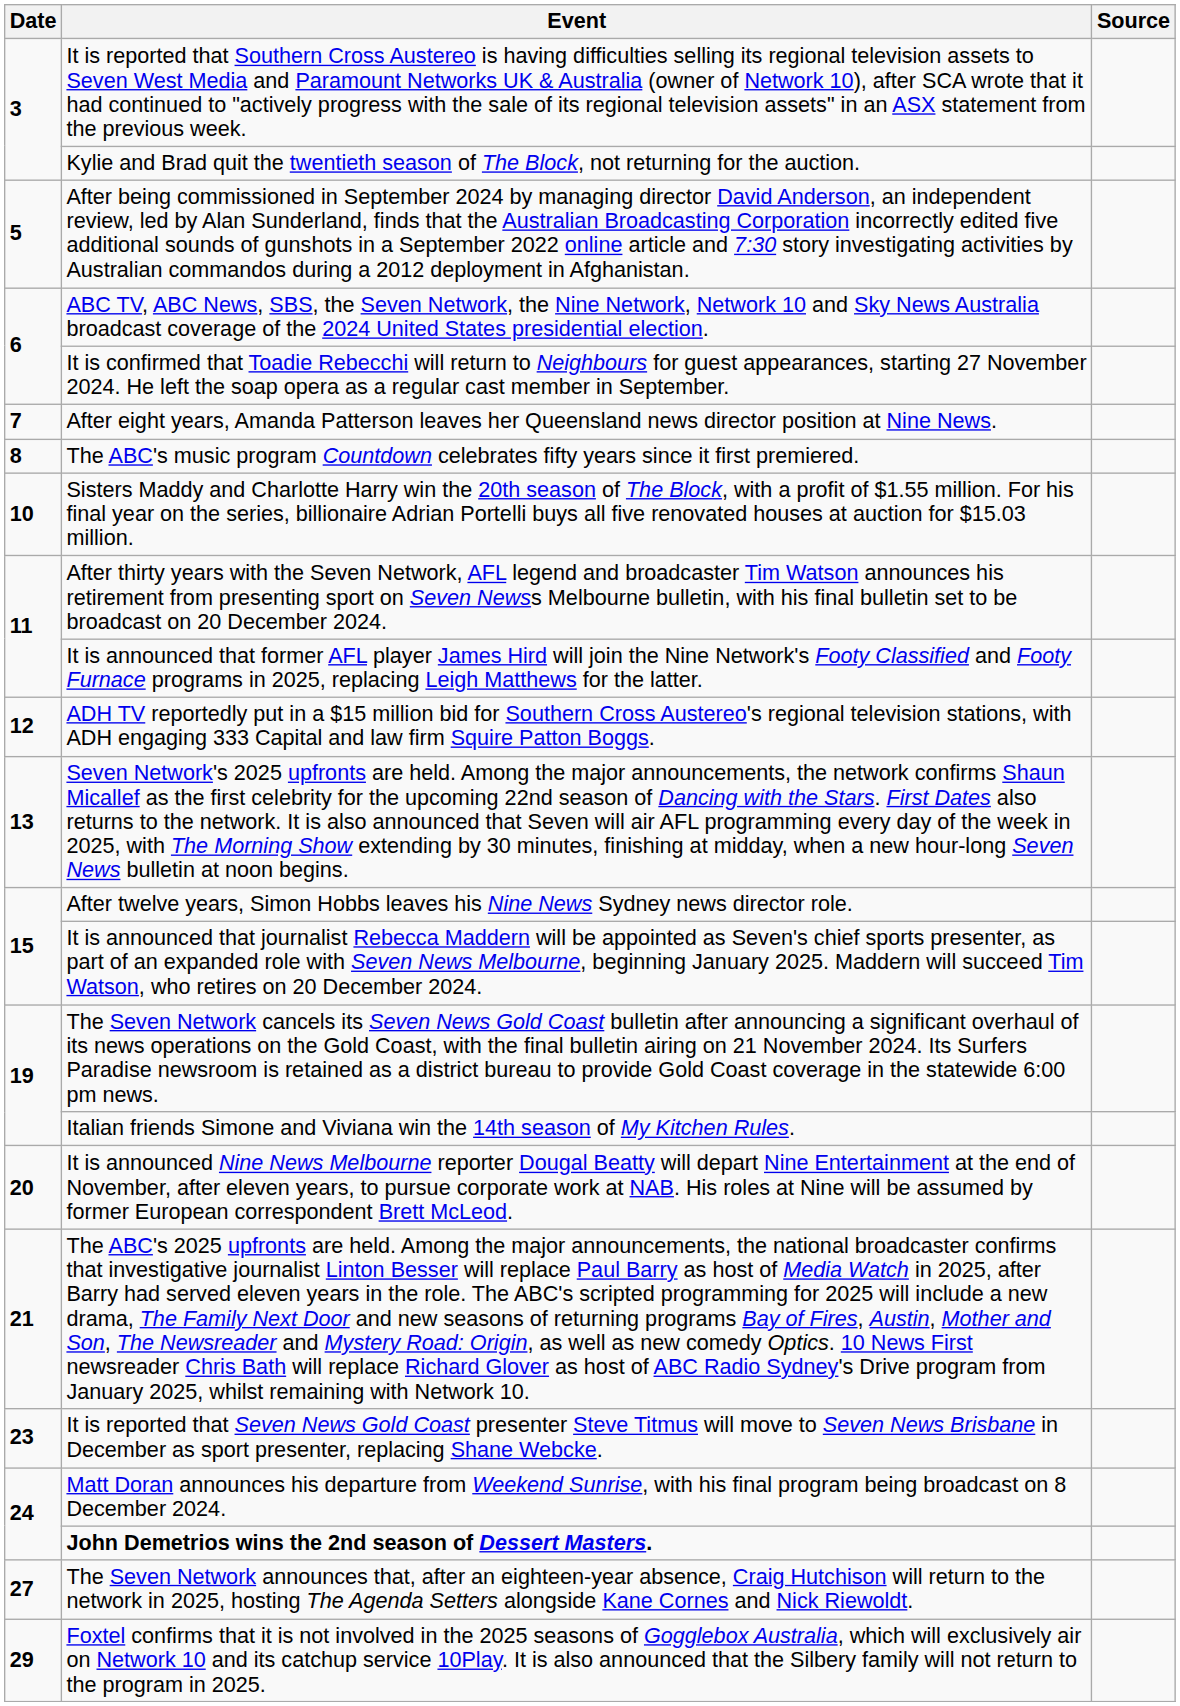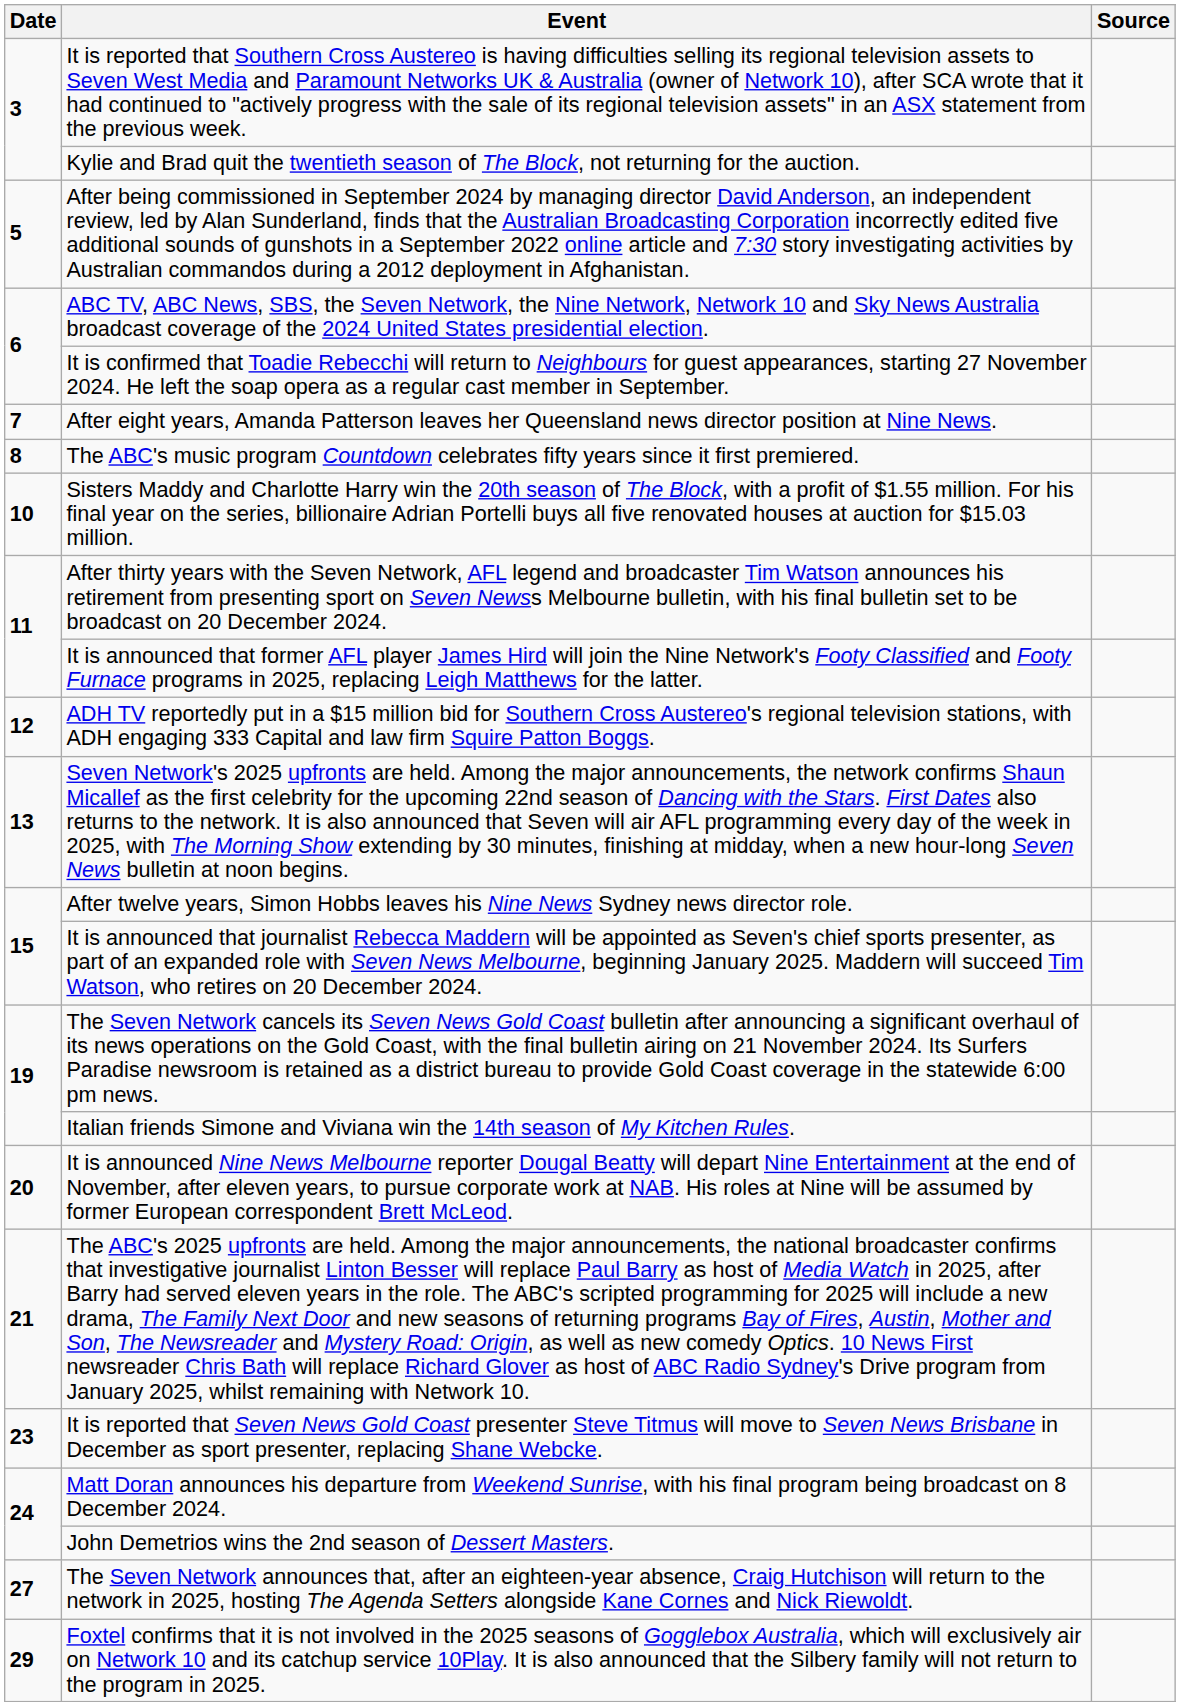 <table class="wikitable">
 <tr>
 <th>Date</th>
 <th>Event</th>
 <th>Source</th>
 </tr>
 <tr>
 <td rowspan=2><strong>3</strong></td>
 <td>It is reported that <a href='#'>Southern Cross Austereo</a> is having difficulties selling its regional television assets to <a href='#'>Seven West Media</a> and <a href='#'>Paramount Networks UK & Australia</a> (owner of <a href='#'>Network 10</a>), after SCA wrote that it had continued to "actively progress with the sale of its regional television assets" in an <a href='#'>ASX</a> statement from the previous week.</td>
 <td></td>
 </tr>
 <tr>
 <td>Kylie and Brad quit the <a href='#'>twentieth season</a> of <em><a href='#'>The Block</a></em>, not returning for the auction.</td>
 <td></td>
 </tr>
 <tr>
 <td><strong>5</strong></td>
 <td>After being commissioned in September 2024 by managing director <a href='#'>David Anderson</a>, an independent review, led by Alan Sunderland, finds that the <a href='#'>Australian Broadcasting Corporation</a> incorrectly edited five additional sounds of gunshots in a September 2022 <a href='#'>online</a> article and <em><a href='#'>7:30</a></em> story investigating activities by Australian commandos during a 2012 deployment in Afghanistan.</td>
 <td></td>
 </tr>
 <tr>
 <td rowspan=2><strong>6</strong></td>
 <td><a href='#'>ABC TV</a>, <a href='#'>ABC News</a>, <a href='#'>SBS</a>, the <a href='#'>Seven Network</a>, the <a href='#'>Nine Network</a>, <a href='#'>Network 10</a> and <a href='#'>Sky News Australia</a> broadcast coverage of the <a href='#'>2024 United States presidential election</a>.</td>
 <td></td>
 </tr>
 <tr>
 <td>It is confirmed that <a href='#'>Toadie Rebecchi</a> will return to <em><a href='#'>Neighbours</a></em> for guest appearances, starting 27 November 2024. He left the soap opera as a regular cast member in September.</td>
 <td></td>
 </tr>
 <tr>
 <td><strong>7</strong></td>
 <td>After eight years, Amanda Patterson leaves her Queensland news director position at <a href='#'>Nine News</a>.</td>
 <td></td>
 </tr>
 <tr>
 <td><strong>8</strong></td>
 <td>The <a href='#'>ABC</a>'s music program <em><a href='#'>Countdown</a></em> celebrates fifty years since it first premiered.</td>
 <td></td>
 </tr>
 <tr>
 <td><strong>10</strong></td>
 <td>Sisters Maddy and Charlotte Harry win the <a href='#'>20th season</a> of <em><a href='#'>The Block</a></em>, with a profit of $1.55 million. For his final year on the series, billionaire Adrian Portelli buys all five renovated houses at auction for $15.03 million.</td>
 <td></td>
 </tr>
 <tr>
 <td rowspan=2><strong>11</strong></td>
 <td>After thirty years with the Seven Network, <a href='#'>AFL</a> legend and broadcaster <a href='#'>Tim Watson</a> announces his retirement from presenting sport on <em><a href='#'>Seven News</a></em>s Melbourne bulletin, with his final bulletin set to be broadcast on 20 December 2024.</td>
 <td></td>
 </tr>
 <tr>
 <td>It is announced that former <a href='#'>AFL</a> player <a href='#'>James Hird</a> will join the Nine Network's <em><a href='#'>Footy Classified</a></em> and <em><a href='#'>Footy Furnace</a></em> programs in 2025, replacing <a href='#'>Leigh Matthews</a> for the latter.</td>
 <td></td>
 </tr>
 <tr>
 <td><strong>12</strong></td>
 <td><a href='#'>ADH TV</a> reportedly put in a $15 million bid for <a href='#'>Southern Cross Austereo</a>'s regional television stations, with ADH engaging 333 Capital and law firm <a href='#'>Squire Patton Boggs</a>.</td>
 <td></td>
 </tr>
 <tr>
 <td><strong>13</strong></td>
 <td><a href='#'>Seven Network</a>'s 2025 <a href='#'>upfronts</a> are held. Among the major announcements, the network confirms <a href='#'>Shaun Micallef</a> as the first celebrity for the upcoming 22nd season of <em><a href='#'>Dancing with the Stars</a></em>. <em><a href='#'>First Dates</a></em> also returns to the network. It is also announced that Seven will air AFL programming every day of the week in 2025, with <em><a href='#'>The Morning Show</a></em> extending by 30 minutes, finishing at midday, when a new hour-long <em><a href='#'>Seven News</a></em> bulletin at noon begins.</td>
 <td></td>
 </tr>
 <tr>
 <td rowspan=2><strong>15</strong></td>
 <td>After twelve years, Simon Hobbs leaves his <em><a href='#'>Nine News</a></em> Sydney news director role.</td>
 <td></td>
 </tr>
 <tr>
 <td>It is announced that journalist <a href='#'>Rebecca Maddern</a> will be appointed as Seven's chief sports presenter, as part of an expanded role with <em><a href='#'>Seven News Melbourne</a></em>, beginning January 2025. Maddern will succeed <a href='#'>Tim Watson</a>, who retires on 20 December 2024.</td>
 <td></td>
 </tr>
 <tr>
 <td rowspan=2><strong>19</strong></td>
 <td>The <a href='#'>Seven Network</a> cancels its <em><a href='#'>Seven News Gold Coast</a></em> bulletin after announcing a significant overhaul of its news operations on the Gold Coast, with the final bulletin airing on 21 November 2024. Its Surfers Paradise newsroom is retained as a district bureau to provide Gold Coast coverage in the statewide 6:00 pm news.</td>
 <td></td>
 </tr>
 <tr>
 <td>Italian friends Simone and Viviana win the <a href='#'>14th season</a> of <em><a href='#'>My Kitchen Rules</a></em>.</td>
 <td></td>
 </tr>
 <tr>
 <td><strong>20</strong></td>
 <td>It is announced <em><a href='#'>Nine News Melbourne</a></em> reporter <a href='#'>Dougal Beatty</a> will depart <a href='#'>Nine Entertainment</a> at the end of November, after eleven years, to pursue corporate work at <a href='#'>NAB</a>. His roles at Nine will be assumed by former European correspondent <a href='#'>Brett McLeod</a>.</td>
 <td></td>
 </tr>
 <tr>
 <td><strong>21</strong></td>
 <td>The <a href='#'>ABC</a>'s 2025 <a href='#'>upfronts</a> are held. Among the major announcements, the national broadcaster confirms that investigative journalist <a href='#'>Linton Besser</a> will replace <a href='#'>Paul Barry</a> as host of <em><a href='#'>Media Watch</a></em> in 2025, after Barry had served eleven years in the role. The ABC's scripted programming for 2025 will include a new drama, <em><a href='#'>The Family Next Door</a></em> and new seasons of returning programs <em><a href='#'>Bay of Fires</a></em>, <em><a href='#'>Austin</a></em>, <em><a href='#'>Mother and Son</a></em>, <em><a href='#'>The Newsreader</a></em> and <em><a href='#'>Mystery Road: Origin</a></em>, as well as new comedy <em>Optics</em>. <a href='#'>10 News First</a> newsreader <a href='#'>Chris Bath</a> will replace <a href='#'>Richard Glover</a> as host of <a href='#'>ABC Radio Sydney</a>'s Drive program from January 2025, whilst remaining with Network 10.</td>
 <td></td>
 </tr>
 <tr>
 <td><strong>23</strong></td>
 <td>It is reported that <em><a href='#'>Seven News Gold Coast</a></em> presenter <a href='#'>Steve Titmus</a> will move to <em><a href='#'>Seven News Brisbane</a></em> in December as sport presenter, replacing <a href='#'>Shane Webcke</a>.</td>
 <td></td>
 </tr>
 <tr>
 <td rowspan=2><strong>24</strong></td>
 <td><a href='#'>Matt Doran</a> announces his departure from <em><a href='#'>Weekend Sunrise</a></em>, with his final program being broadcast on 8 December 2024.</td>
 <td></td>
 </tr>
 <tr>
-<td><strong>John Demetrios wins the 2nd season of <em><a href='#'>Dessert Masters</a></em>.</strong></td>
+<td>John Demetrios wins the 2nd season of <em><a href='#'>Dessert Masters</a></em>.</td>
 <td></td>
 </tr>
 <tr>
 <td><strong>27</strong></td>
 <td>The <a href='#'>Seven Network</a> announces that, after an eighteen-year absence, <a href='#'>Craig Hutchison</a> will return to the network in 2025, hosting <em>The Agenda Setters</em> alongside <a href='#'>Kane Cornes</a> and <a href='#'>Nick Riewoldt</a>.</td>
 <td></td>
 </tr>
 <tr>
 <td><strong>29</strong></td>
 <td><a href='#'>Foxtel</a> confirms that it is not involved in the 2025 seasons of <em><a href='#'>Gogglebox Australia</a></em>, which will exclusively air on <a href='#'>Network 10</a> and its catchup service <a href='#'>10Play</a>. It is also announced that the Silbery family will not return to the program in 2025.</td>
 <td></td>
 </tr>
 <tr>
 </tr>
 </table>
